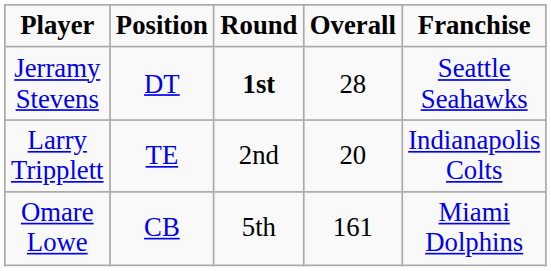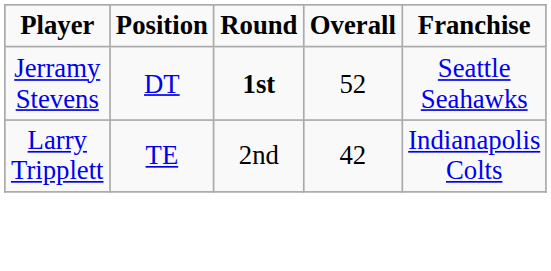 <table class="wikitable" width="50%">
 <tr align="center">
 <td><strong>Player</strong></td>
 <td><strong>Position</strong></td>
 <td><strong>Round</strong></td>
 <td><strong>Overall</strong></td>
 <td><strong>Franchise</strong></td>
 </tr>
 <tr style="text-align:center;" bgcolor="">
 <td><a href='#'>Jerramy Stevens</a></td>
 <td><a href='#'>DT</a></td>
 <td><strong>1st</strong></td>
-<td>28</td>
+<td>52</td>
 <td><a href='#'>Seattle Seahawks</a></td>
 </tr>
 <tr style="text-align:center;" bgcolor="">
 <td><a href='#'>Larry Tripplett</a></td>
 <td><a href='#'>TE</a></td>
 <td>2nd</td>
-<td>20</td>
+<td>42</td>
 <td><a href='#'>Indianapolis Colts</a></td>
 </tr>
-<tr style="text-align:center;" bgcolor="">
-<td><a href='#'>Omare Lowe</a></td>
-<td><a href='#'>CB</a></td>
-<td>5th</td>
-<td>161</td>
-<td><a href='#'>Miami Dolphins</a></td>
-</tr>
 </table>
